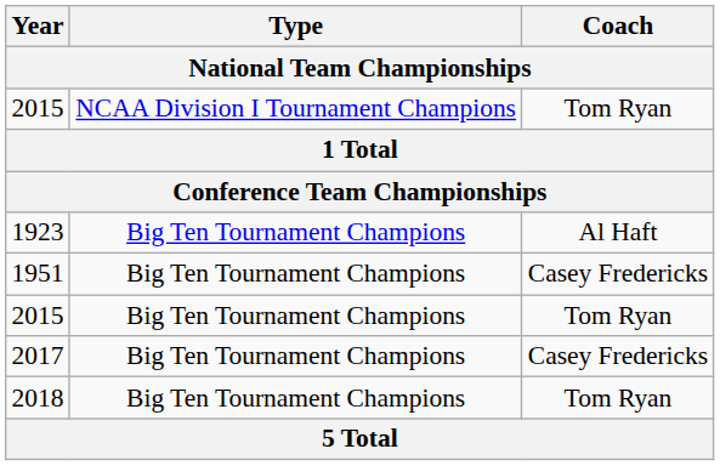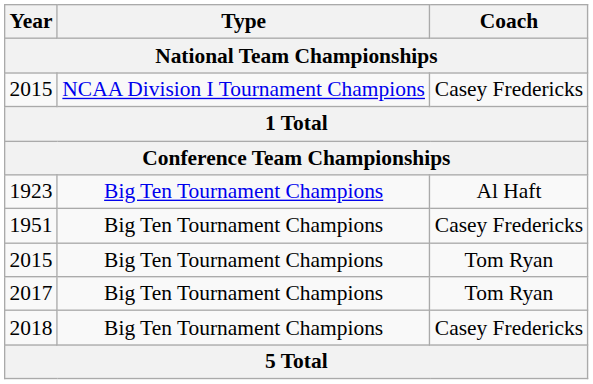 <table class="wikitable" style="text-align:center">
 <tr>
 <th>Year</th>
 <th>Type</th>
 <th>Coach</th>
 </tr>
 <tr>
 <th colspan=3>National Team Championships</th>
 </tr>
 <tr>
 <td>2015</td>
 <td><a href='#'>NCAA Division I Tournament Champions</a></td>
-<td>Tom Ryan</td>
+<td>Casey Fredericks</td>
 </tr>
 <tr>
 <th colspan=3>1 Total</th>
 </tr>
 <tr>
 <th colspan=8>Conference Team Championships</th>
 </tr>
 <tr>
 <td>1923</td>
 <td><a href='#'>Big Ten Tournament Champions</a></td>
 <td>Al Haft</td>
 </tr>
 <tr>
 <td>1951</td>
 <td>Big Ten Tournament Champions</td>
 <td>Casey Fredericks</td>
 </tr>
 <tr>
 <td>2015</td>
 <td>Big Ten Tournament Champions</td>
 <td>Tom Ryan</td>
 </tr>
 <tr>
 <td>2017</td>
 <td>Big Ten Tournament Champions</td>
-<td>Casey Fredericks</td>
+<td>Tom Ryan</td>
 </tr>
 <tr>
 <td>2018</td>
 <td>Big Ten Tournament Champions</td>
-<td>Tom Ryan</td>
+<td>Casey Fredericks</td>
 </tr>
 <tr>
 <th colspan=3>5 Total</th>
 </tr>
 </table>
